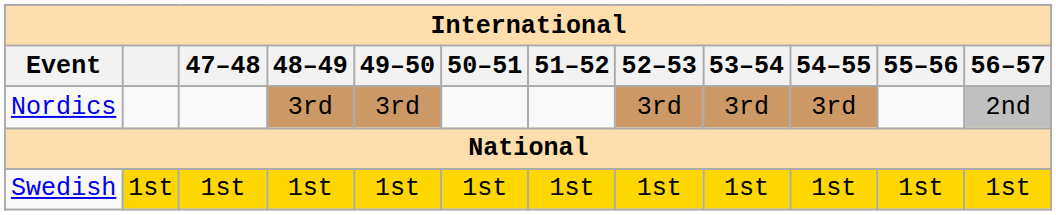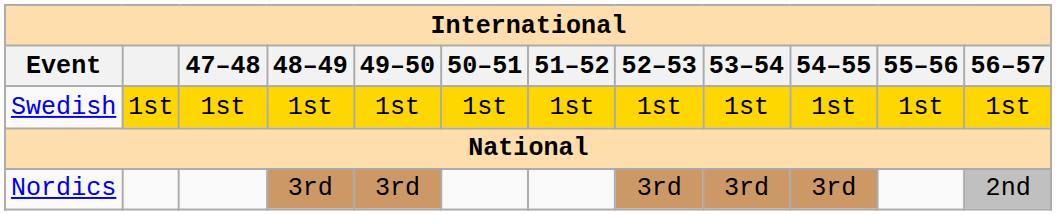 <table class="wikitable" style="text-align:center">
 <tr>
 <th style="background-color: #ffdead; " colspan=12 align=center>International</th>
 </tr>
 <tr>
 <th>Event</th>
 <th></th>
 <th>47–48</th>
 <th>48–49</th>
 <th>49–50</th>
 <th>50–51</th>
 <th>51–52</th>
 <th>52–53</th>
 <th>53–54</th>
 <th>54–55</th>
 <th>55–56</th>
 <th>56–57</th>
 </tr>
 <tr>
+<td align=left><a href='#'>Swedish</a></td>
+<td bgcolor=gold>1st</td>
+<td bgcolor=gold>1st</td>
+<td bgcolor=gold>1st</td>
+<td bgcolor=gold>1st</td>
+<td bgcolor=gold>1st</td>
+<td bgcolor=gold>1st</td>
+<td bgcolor=gold>1st</td>
+<td bgcolor=gold>1st</td>
+<td bgcolor=gold>1st</td>
+<td bgcolor=gold>1st</td>
+<td bgcolor=gold>1st</td>
+</tr>
+<tr>
+<th style="background-color: #ffdead; " colspan=12 align=center>National</th>
+</tr>
+<tr>
 <td align=left><a href='#'>Nordics</a></td>
 <td></td>
 <td></td>
 <td bgcolor=cc9966>3rd</td>
 <td bgcolor=cc9966>3rd</td>
 <td></td>
 <td></td>
 <td bgcolor=cc9966>3rd</td>
 <td bgcolor=cc9966>3rd</td>
 <td bgcolor=cc9966>3rd</td>
 <td></td>
 <td bgcolor=silver>2nd</td>
 </tr>
-<tr>
-<th style="background-color: #ffdead; " colspan=12 align=center>National</th>
-</tr>
-<tr>
-<td align=left><a href='#'>Swedish</a></td>
-<td bgcolor=gold>1st</td>
-<td bgcolor=gold>1st</td>
-<td bgcolor=gold>1st</td>
-<td bgcolor=gold>1st</td>
-<td bgcolor=gold>1st</td>
-<td bgcolor=gold>1st</td>
-<td bgcolor=gold>1st</td>
-<td bgcolor=gold>1st</td>
-<td bgcolor=gold>1st</td>
-<td bgcolor=gold>1st</td>
-<td bgcolor=gold>1st</td>
-</tr>
 </table>
